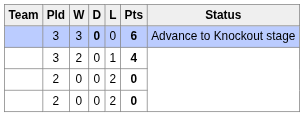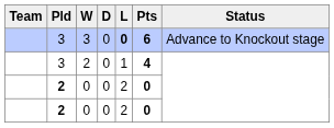 <table style=border-collapse:collapse border=1 cellspacing=0 cellpadding=5>
 <tr align=center bgcolor=#efefef>
 <th>Team</th>
 <th>Pld</th>
 <th>W</th>
 <th>D</th>
 <th>L</th>
 <th>Pts</th>
 <th>Status</th>
 </tr>
 <tr align=center style="background:#bbccff;">
 <td style="text-align:left;"> </td>
 <td>3</td>
 <td>3</td>
+<td>0</td>
 <td><strong>0</strong></td>
-<td>0</td>
 <td><strong>6</strong></td>
 <td rowspan=1>Advance to Knockout stage</td>
 </tr>
 <tr align=center style="background:#FFFFFF;">
 <td style="text-align:left;"> </td>
 <td>3</td>
 <td>2</td>
 <td>0</td>
 <td>1</td>
 <td><strong>4</strong></td>
 <td rowspan=3></td>
 </tr>
 <tr align=center style="background:#FFFFFF;">
 <td style="text-align:left;"> </td>
-<td>2</td>
+<td><strong>2</strong></td>
 <td>0</td>
 <td>0</td>
 <td>2</td>
 <td><strong>0</strong></td>
 </tr>
 <tr align=center style="background:#FFFFFF;">
 <td style="text-align:left;"> </td>
-<td>2</td>
+<td><strong>2</strong></td>
 <td>0</td>
 <td>0</td>
 <td>2</td>
 <td><strong>0</strong></td>
 </tr>
 </table>
